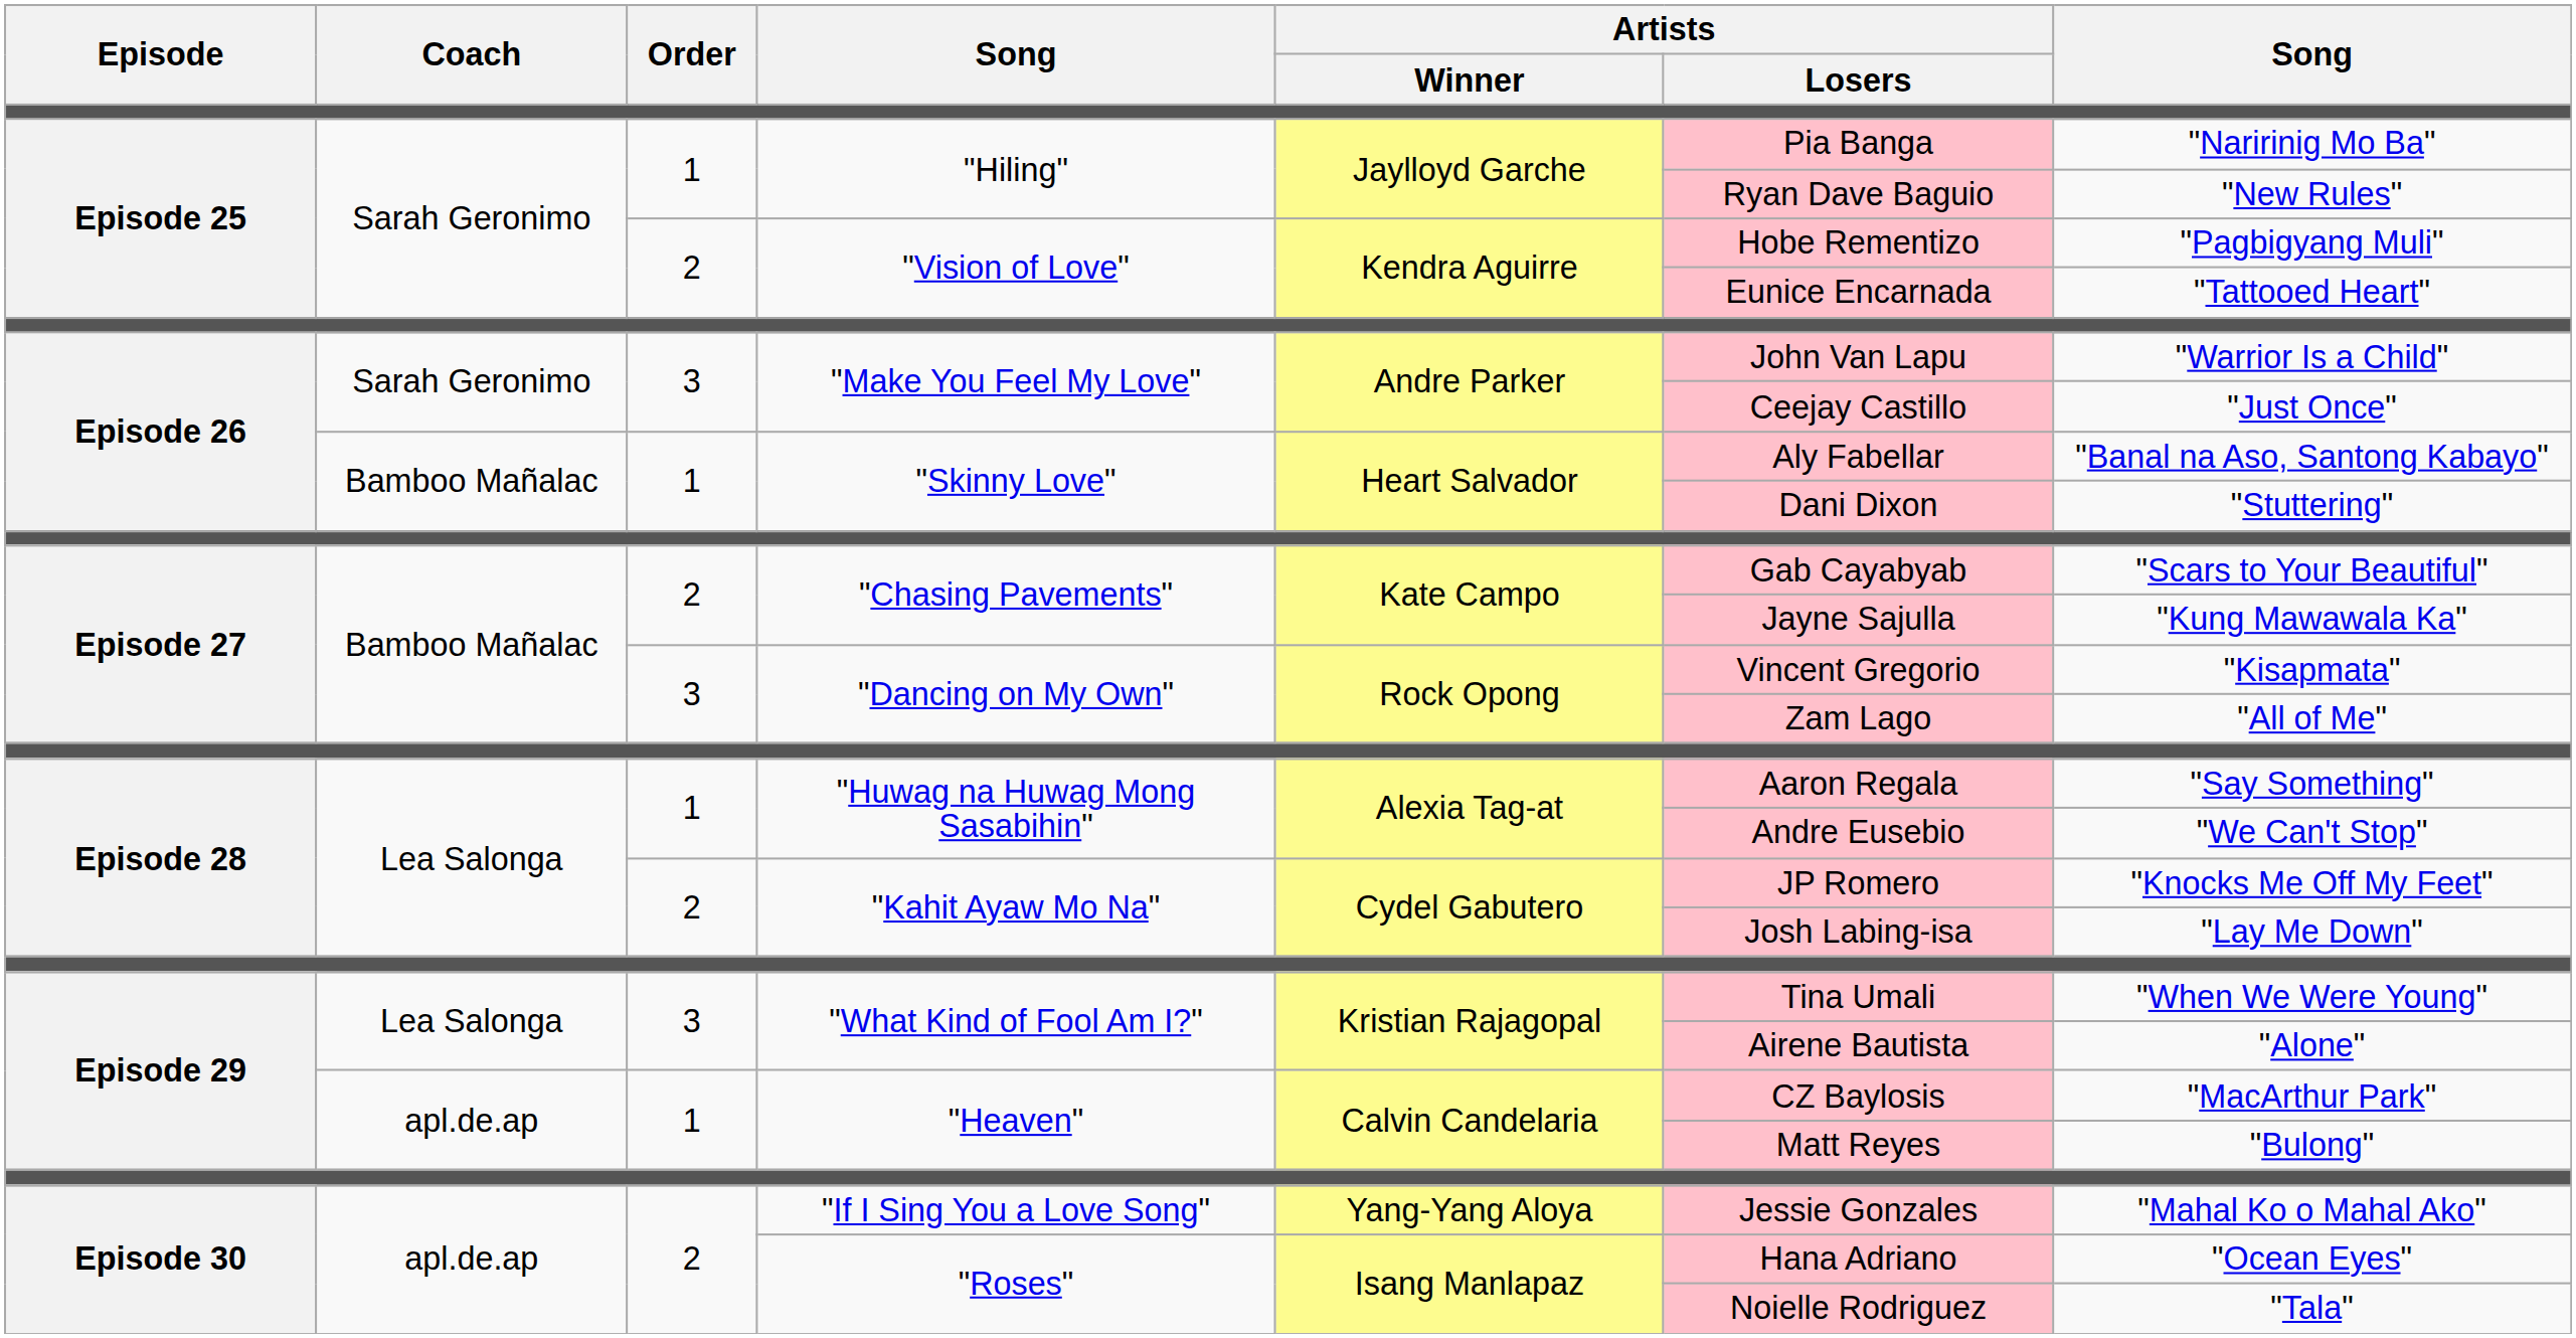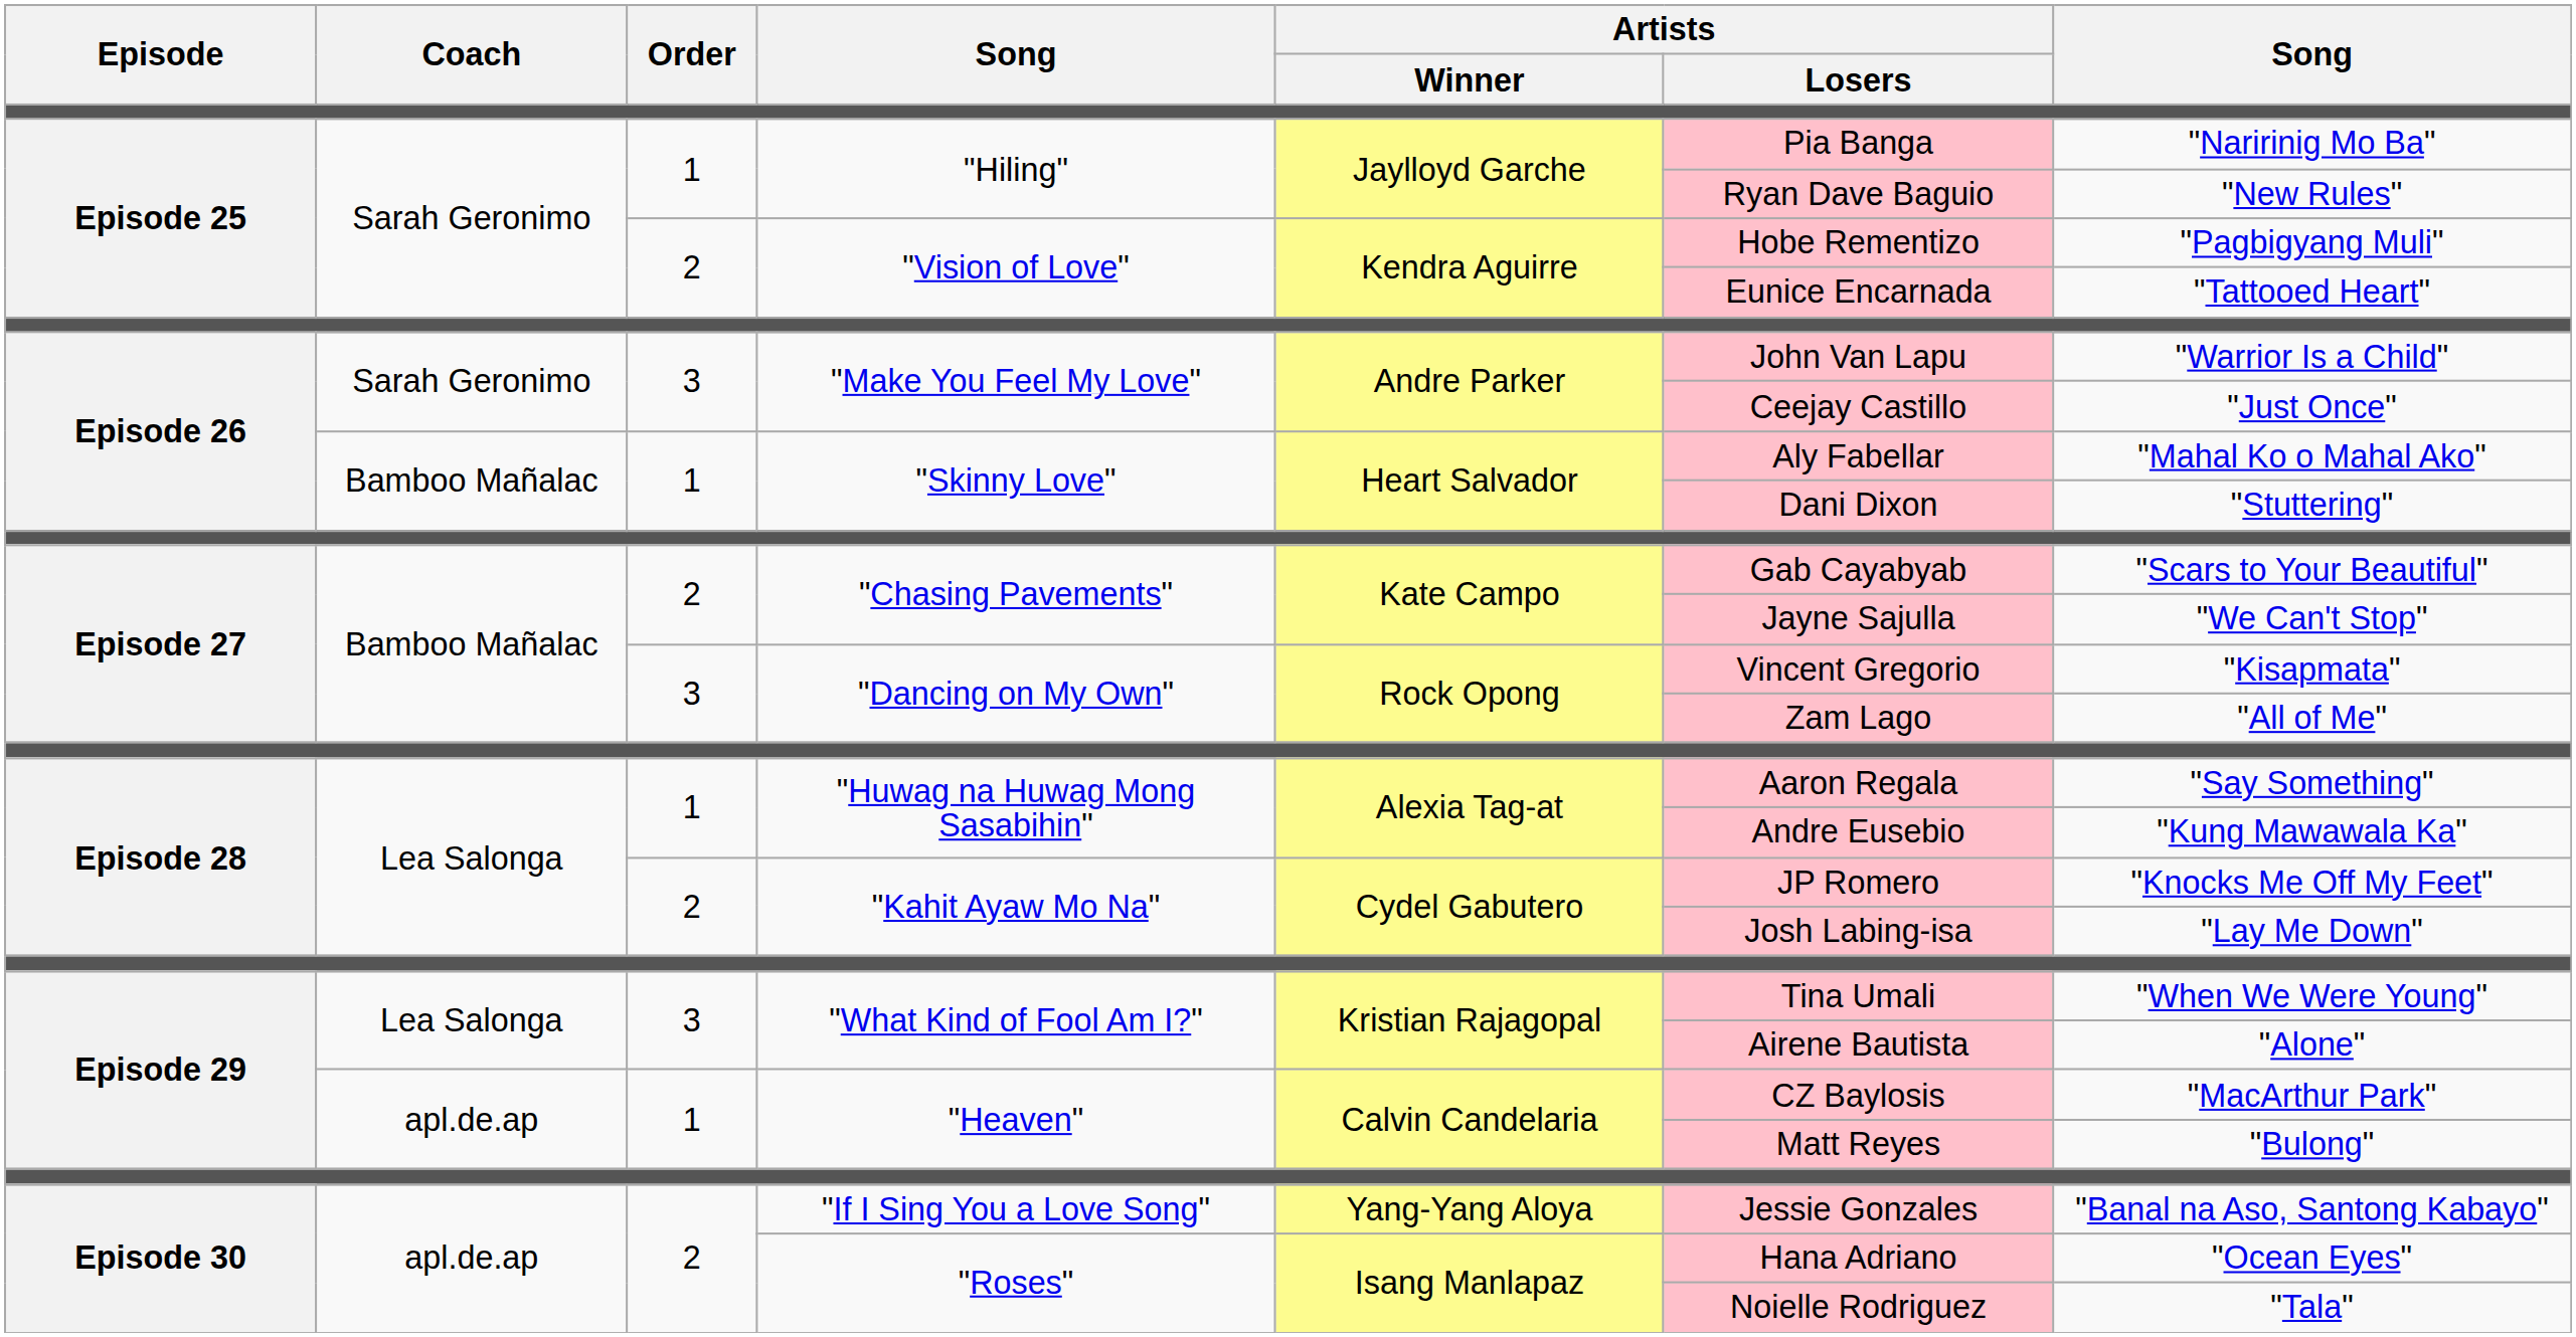 <table class="wikitable" style="text-align:center; line-height:17px; width:100%;">
 <tr>
 <th rowspan="2" width="12%">Episode</th>
 <th rowspan="2" width="12%">Coach</th>
 <th rowspan="2" width="5%">Order</th>
 <th rowspan="2" width="20%">Song</th>
 <th colspan="2">Artists</th>
 <th rowspan="2" width="20%">Song</th>
 </tr>
 <tr>
 <th width="15%">Winner</th>
 <th width="15%">Losers</th>
 </tr>
 <tr>
 <th colspan="7" style="background:#555;"></th>
 </tr>
 <tr>
 <th rowspan="4">Episode 25<br></th>
 <td rowspan="4">Sarah Geronimo</td>
 <td rowspan="2">1</td>
 <td rowspan="2" style="background:#;">"Hiling"</td>
 <td rowspan="2" style="background:#fdfc8f;">Jaylloyd Garche</td>
 <td style="background:pink;">Pia Banga</td>
 <td style="background:;">"<a href='#'>Naririnig Mo Ba</a>"</td>
 </tr>
 <tr>
 <td style="background:pink;">Ryan Dave Baguio</td>
 <td style="background:;">"<a href='#'>New Rules</a>"</td>
 </tr>
 <tr>
 <td rowspan="2">2</td>
 <td rowspan="2" style="background:#;">"<a href='#'>Vision of Love</a>"</td>
 <td rowspan="2" style="background:#fdfc8f;">Kendra Aguirre</td>
 <td style="background:pink;">Hobe Rementizo</td>
 <td style="background:;">"<a href='#'>Pagbigyang Muli</a>"</td>
 </tr>
 <tr>
 <td style="background:pink;">Eunice Encarnada</td>
 <td style="background:;">"<a href='#'>Tattooed Heart</a>"</td>
 </tr>
 <tr>
 <td colspan="7" style="background:#555;"></td>
 </tr>
 <tr>
 <th rowspan="4">Episode 26<br><small></small></th>
 <td rowspan="2">Sarah Geronimo</td>
 <td rowspan="2">3</td>
 <td rowspan="2" style="background:#;">"<a href='#'>Make You Feel My Love</a>"</td>
 <td rowspan="2" style="background:#fdfc8f;">Andre Parker</td>
 <td style="background:pink;">John Van Lapu</td>
 <td style="background:;">"<a href='#'>Warrior Is a Child</a>"</td>
 </tr>
 <tr>
 <td style="background:pink;">Ceejay Castillo</td>
 <td style="background:;">"<a href='#'>Just Once</a>"</td>
 </tr>
 <tr>
 <td rowspan="2">Bamboo Mañalac</td>
 <td rowspan="2">1</td>
 <td rowspan="2" style="background:#;">"<a href='#'>Skinny Love</a>"</td>
 <td rowspan="2" style="background:#fdfc8f;">Heart Salvador</td>
 <td style="background:pink;">Aly Fabellar</td>
-<td style="background:;">"<a href='#'>Banal na Aso, Santong Kabayo</a>"</td>
+<td>"<a href='#'>Mahal Ko o Mahal Ako</a>"</td>
 </tr>
 <tr>
 <td style="background:pink;">Dani Dixon</td>
 <td style="background:;">"<a href='#'>Stuttering</a>"</td>
 </tr>
 <tr>
 <td colspan="7" style="background:#555;"></td>
 </tr>
 <tr>
 <th rowspan="4">Episode 27<br><small></small></th>
 <td rowspan="4">Bamboo Mañalac</td>
 <td rowspan="2">2</td>
 <td rowspan="2" style="background:#;">"<a href='#'>Chasing Pavements</a>"</td>
 <td rowspan="2" style="background:#fdfc8f;">Kate Campo</td>
 <td style="background:pink;">Gab Cayabyab</td>
 <td style="background:;">"<a href='#'>Scars to Your Beautiful</a>"</td>
 </tr>
 <tr>
 <td style="background:pink;">Jayne Sajulla</td>
-<td style="background:;">"<a href='#'>Kung Mawawala Ka</a>"</td>
+<td style="background:;">"<a href='#'>We Can't Stop</a>"</td>
 </tr>
 <tr>
 <td rowspan="2">3</td>
 <td rowspan="2" style="background:#;">"<a href='#'>Dancing on My Own</a>"</td>
 <td rowspan="2" style="background:#fdfc8f;">Rock Opong</td>
 <td style="background:pink;">Vincent Gregorio</td>
 <td style="background:;">"<a href='#'>Kisapmata</a>"</td>
 </tr>
 <tr>
 <td style="background:pink;">Zam Lago</td>
 <td style="background:;">"<a href='#'>All of Me</a>"</td>
 </tr>
 <tr>
 <th colspan="8" style="background:#555;"></th>
 </tr>
 <tr>
 <th rowspan="4">Episode 28<br><small></small></th>
 <td rowspan="4">Lea Salonga</td>
 <td rowspan="2">1</td>
 <td rowspan="2" style="background:#;">"<a href='#'>Huwag na Huwag Mong Sasabihin</a>"</td>
 <td rowspan="2" style="background:#fdfc8f;">Alexia Tag-at</td>
 <td style="background:pink;">Aaron Regala</td>
 <td style="background:;">"<a href='#'>Say Something</a>"</td>
 </tr>
 <tr>
 <td style="background:pink;">Andre Eusebio</td>
-<td style="background:;">"<a href='#'>We Can't Stop</a>"</td>
+<td style="background:;">"<a href='#'>Kung Mawawala Ka</a>"</td>
 </tr>
 <tr>
 <td rowspan="2">2</td>
 <td rowspan="2" style="background:#;">"<a href='#'>Kahit Ayaw Mo Na</a>"</td>
 <td rowspan="2" style="background:#fdfc8f;">Cydel Gabutero</td>
 <td style="background:pink;">JP Romero</td>
 <td style="background:;">"<a href='#'>Knocks Me Off My Feet</a>"</td>
 </tr>
 <tr>
 <td style="background:pink;">Josh Labing-isa</td>
 <td style="background:;">"<a href='#'>Lay Me Down</a>"</td>
 </tr>
 <tr>
 <td colspan="7" style="background:#555;"></td>
 </tr>
 <tr>
 <th rowspan="4">Episode 29<br><small></small></th>
 <td rowspan="2">Lea Salonga</td>
 <td rowspan="2">3</td>
 <td rowspan="2" style="background:#;">"<a href='#'>What Kind of Fool Am I?</a>"</td>
 <td rowspan="2" style="background:#fdfc8f;">Kristian Rajagopal</td>
 <td style="background:pink;">Tina Umali</td>
 <td style="background:;">"<a href='#'>When We Were Young</a>"</td>
 </tr>
 <tr>
 <td style="background:pink;">Airene Bautista</td>
 <td style="background:;">"<a href='#'>Alone</a>"</td>
 </tr>
 <tr>
 <td rowspan="2">apl.de.ap</td>
 <td rowspan="2">1</td>
 <td rowspan="2" style="background:#;">"<a href='#'>Heaven</a>"</td>
 <td rowspan="2" style="background:#fdfc8f;">Calvin Candelaria</td>
 <td style="background:pink;">CZ Baylosis</td>
 <td style="background:;">"<a href='#'>MacArthur Park</a>"</td>
 </tr>
 <tr>
 <td style="background:pink;">Matt Reyes</td>
 <td style="background:;">"<a href='#'>Bulong</a>"</td>
 </tr>
 <tr>
 <td colspan="7" style="background:#555;"></td>
 </tr>
 <tr>
 <th rowspan="4">Episode 30<br><small></small></th>
 <td rowspan="4">apl.de.ap</td>
 <td rowspan="4">2</td>
 <td rowspan="2">"<a href='#'>If I Sing You a Love Song</a>"</td>
 <td style="background:#fdfc8f;" rowspan="2">Yang-Yang Aloya</td>
 <td style="background:pink;">Jessie Gonzales</td>
-<td>"<a href='#'>Mahal Ko o Mahal Ako</a>"</td>
+<td style="background:;">"<a href='#'>Banal na Aso, Santong Kabayo</a>"</td>
 </tr>
 <tr>
 <td style="background:pink;" rowspan="2">Hana Adriano</td>
 <td rowspan="2">"<a href='#'>Ocean Eyes</a>"</td>
 </tr>
 <tr>
 <td rowspan="2">"<a href='#'>Roses</a>"</td>
 <td style="background:#fdfc8f;" rowspan="2">Isang Manlapaz</td>
 </tr>
 <tr>
 <td style="background:pink;">Noielle Rodriguez</td>
 <td>"<a href='#'>Tala</a>"</td>
 </tr>
 </table>
